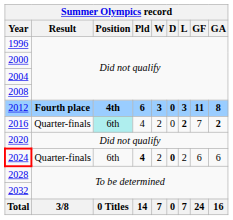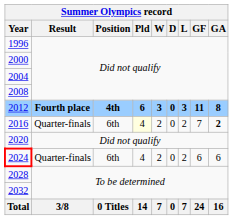 <table class="wikitable" style="text-align: center;">
 <tr>
 <th colspan=9><a href='#'>Summer Olympics</a> record</th>
 </tr>
 <tr>
 <th>Year</th>
 <th>Result</th>
 <th>Position</th>
 <th>Pld</th>
 <th>W</th>
 <th>D</th>
 <th>L</th>
 <th>GF</th>
 <th>GA</th>
 </tr>
 <tr>
 <td> <a href='#'>1996</a></td>
 <td rowspan=4 colspan=8><em>Did not qualify</em></td>
 </tr>
 <tr>
 <td> <a href='#'>2000</a></td>
 </tr>
 <tr>
 <td> <a href='#'>2004</a></td>
 </tr>
 <tr>
 <td> <a href='#'>2008</a></td>
 </tr>
 <tr style="background:#9acdff;">
 <td> <a href='#'>2012</a></td>
 <td><strong>Fourth place</strong></td>
 <td><strong>4th</strong></td>
 <td><strong>6</strong></td>
 <td><strong>3</strong></td>
 <td><strong>0</strong></td>
 <td><strong>3</strong></td>
 <td><strong>11</strong></td>
 <td><strong>8</strong></td>
 </tr>
 <tr>
 <td> <a href='#'>2016</a></td>
 <td>Quarter-finals</td>
-<td style="background: paleturquoise;">6th</td>
-<td>4</td>
+<td>6th</td>
+<td style="background: lightyellow;">4</td>
 <td>2</td>
 <td>0</td>
-<td><strong>2</strong></td>
+<td>2</td>
 <td>7</td>
 <td><strong>2</strong></td>
 </tr>
 <tr>
 <td> <a href='#'>2020</a></td>
 <td colspan=8><em>Did not qualify</em></td>
 </tr>
 <tr>
 <td style="border: 3px solid red"> <a href='#'>2024</a></td>
 <td>Quarter-finals</td>
 <td>6th</td>
-<td><strong>4</strong></td>
+<td>4</td>
 <td>2</td>
-<td><strong>0</strong></td>
+<td>0</td>
 <td>2</td>
 <td>6</td>
 <td>6</td>
 </tr>
 <tr>
 <td> <a href='#'>2028</a></td>
 <td colspan=8 rowspan=2><em>To be determined</em></td>
 </tr>
 <tr>
 <td> <a href='#'>2032</a></td>
 </tr>
 <tr>
 <th>Total</th>
 <th>3/8</th>
 <th>0 Titles</th>
 <th>14</th>
 <th>7</th>
 <th>0</th>
 <th>7</th>
 <th>24</th>
 <th>16</th>
 </tr>
 </table>
